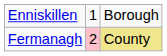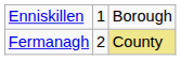 <table class="wikitable sortable">
 <tr>
 <td><a href='#'>Enniskillen</a></td>
 <td>1</td>
 <td>Borough</td>
 </tr>
 <tr>
 <td><a href='#'>Fermanagh</a></td>
-<td align="center" style="background: pink;">2</td>
+<td align="center">2</td>
 <td style="background: khaki;">County</td>
 </tr>
 </table>
